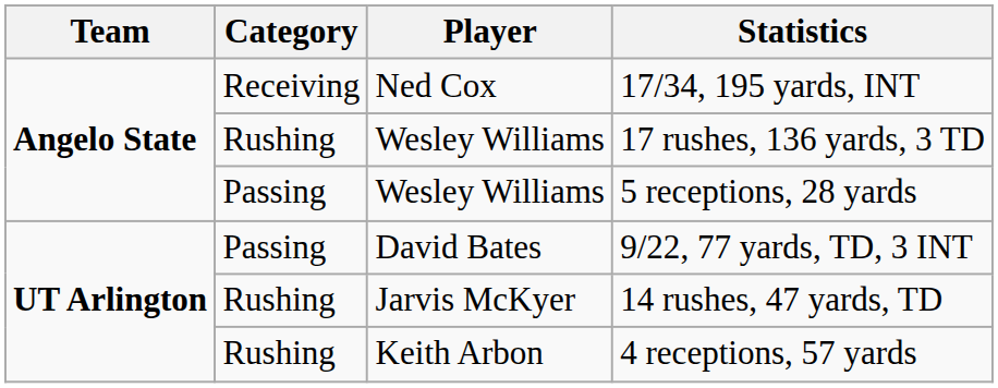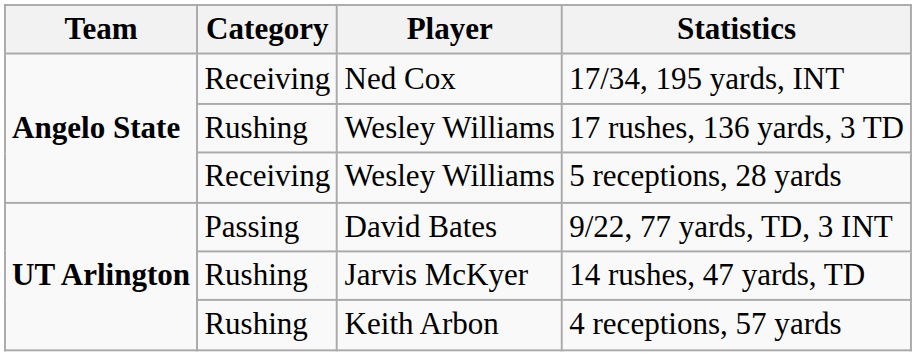 <table class="wikitable" style="float: left;">
 <tr>
 <th>Team</th>
 <th>Category</th>
 <th>Player</th>
 <th>Statistics</th>
 </tr>
 <tr>
 <td rowspan=3><strong>Angelo State</strong></td>
 <td>Receiving</td>
 <td>Ned Cox</td>
 <td>17/34, 195 yards, INT</td>
 </tr>
 <tr>
 <td>Rushing</td>
 <td>Wesley Williams</td>
 <td>17 rushes, 136 yards, 3 TD</td>
 </tr>
 <tr>
-<td>Passing</td>
+<td>Receiving</td>
 <td>Wesley Williams</td>
 <td>5 receptions, 28 yards</td>
 </tr>
 <tr>
 <td rowspan=3><strong>UT Arlington</strong></td>
 <td>Passing</td>
 <td>David Bates</td>
 <td>9/22, 77 yards, TD, 3 INT</td>
 </tr>
 <tr>
 <td>Rushing</td>
 <td>Jarvis McKyer</td>
 <td>14 rushes, 47 yards, TD</td>
 </tr>
 <tr>
 <td>Rushing</td>
 <td>Keith Arbon</td>
 <td>4 receptions, 57 yards</td>
 </tr>
 </table>
